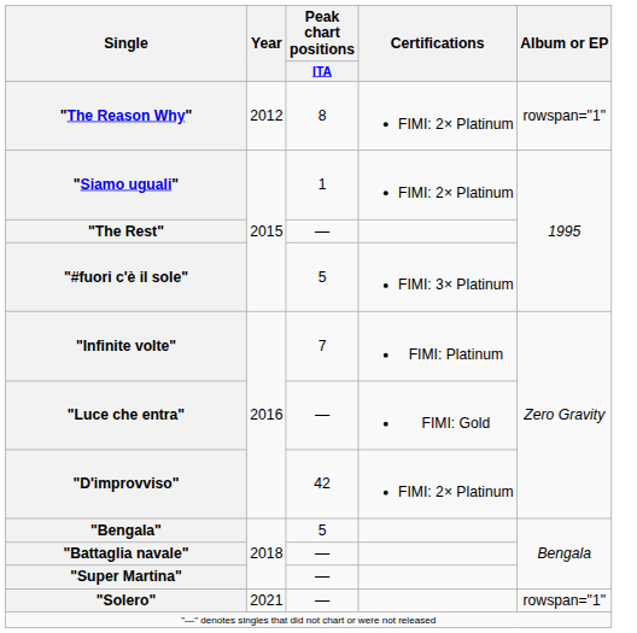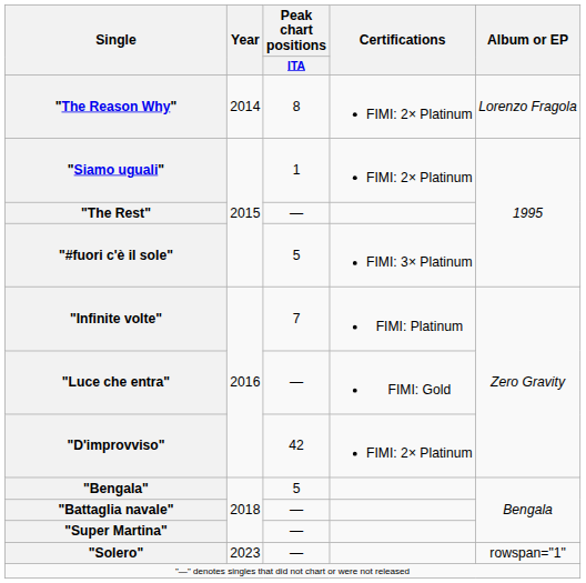 <table class="wikitable plainrowheaders" style="text-align:center;">
 <tr>
 <th scope="col" rowspan="2" style="width:16em;">Single</th>
 <th scope="col" rowspan="2">Year</th>
 <th scope="col">Peak chart positions</th>
 <th scope="col" rowspan="2">Certifications</th>
 <th scope="col" rowspan="2">Album or EP</th>
 </tr>
 <tr>
 <th scope="col" style="width:3em;font-size:85%;"><a href='#'>ITA</a><br></th>
 </tr>
 <tr>
 <th scope="row">"<a href='#'>The Reason Why</a>"</th>
-<td>2012</td>
+<td>2014</td>
 <td>8</td>
 <td><br><ul><li>FIMI: 2× Platinum</li></ul></td>
-<td>rowspan="1" </td>
+<td><em>Lorenzo Fragola</em></td>
 </tr>
 <tr>
 <th scope="row">"<a href='#'>Siamo uguali</a>"</th>
 <td rowspan="3">2015</td>
 <td>1</td>
 <td><br><ul><li>FIMI: 2× Platinum</li></ul></td>
 <td rowspan="3"><em>1995</em></td>
 </tr>
 <tr>
 <th scope="row">"The Rest"</th>
 <td>—</td>
 <td></td>
 </tr>
 <tr>
 <th scope="row">"#fuori c'è il sole"</th>
 <td>5</td>
 <td><br><ul><li>FIMI: 3× Platinum</li></ul></td>
 </tr>
 <tr>
 <th scope="row">"Infinite volte"</th>
 <td rowspan="3">2016</td>
 <td>7</td>
 <td><br><ul><li>FIMI: Platinum</li></ul></td>
 <td rowspan="3"><em>Zero Gravity</em></td>
 </tr>
 <tr>
 <th scope="row">"Luce che entra"</th>
 <td>—</td>
 <td><br><ul><li>FIMI: Gold</li></ul></td>
 </tr>
 <tr>
 <th scope="row">"D'improvviso"</th>
 <td>42</td>
 <td><br><ul><li>FIMI: 2× Platinum</li></ul></td>
 </tr>
 <tr>
 <th scope="row">"Bengala"</th>
 <td rowspan="3">2018</td>
 <td>5</td>
 <td></td>
 <td rowspan="3"><em>Bengala</em></td>
 </tr>
 <tr>
 <th scope="row">"Battaglia navale"</th>
 <td>—</td>
 <td></td>
 </tr>
 <tr>
 <th scope="row">"Super Martina"<br></th>
 <td>—</td>
 <td></td>
 </tr>
 <tr>
 <th scope="row">"Solero"<br></th>
-<td rowspan="1">2021</td>
+<td rowspan="1">2023</td>
 <td>—</td>
 <td style="text-align:left;"></td>
 <td>rowspan="1" </td>
 </tr>
 <tr>
 <td align="center" colspan="30" style="font-size:8pt">"—" denotes singles that did not chart or were not released</td>
 </tr>
 </table>
